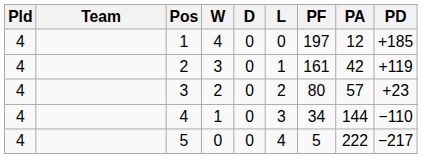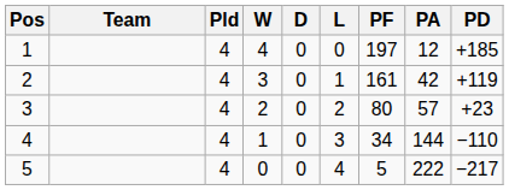 <table class="wikitable" style="text-align:center;">
 <tr>
+<th width=25>Pos</th>
+<th width=125>Team</th>
 <th width=25 abbr="Played">Pld</th>
-<th width=125>Team</th>
-<th width=25>Pos</th>
 <th width=25 abbr="Won">W</th>
 <th width=25 abbr="Drawn">D</th>
 <th width=25 abbr="Lost">L</th>
 <th width=32 abbr="Points for">PF</th>
 <th width=32 abbr="Points against">PA</th>
 <th width=32 abbr="Points difference">PD</th>
 </tr>
 <tr>
+<td>1</td>
+<td align=left></td>
 <td>4</td>
-<td align=left></td>
-<td>1</td>
 <td>4</td>
 <td>0</td>
 <td>0</td>
 <td>197</td>
 <td>12</td>
 <td>+185</td>
 </tr>
 <tr>
+<td>2</td>
+<td align=left></td>
 <td>4</td>
-<td align=left></td>
-<td>2</td>
 <td>3</td>
 <td>0</td>
 <td>1</td>
 <td>161</td>
 <td>42</td>
 <td>+119</td>
 </tr>
 <tr>
+<td>3</td>
+<td align=left></td>
 <td>4</td>
-<td align=left></td>
-<td>3</td>
 <td>2</td>
 <td>0</td>
 <td>2</td>
 <td>80</td>
 <td>57</td>
 <td>+23</td>
 </tr>
 <tr>
 <td>4</td>
 <td align=left></td>
 <td>4</td>
 <td>1</td>
 <td>0</td>
 <td>3</td>
 <td>34</td>
 <td>144</td>
 <td>−110</td>
 </tr>
 <tr>
+<td>5</td>
+<td align=left></td>
 <td>4</td>
-<td align=left></td>
-<td>5</td>
 <td>0</td>
 <td>0</td>
 <td>4</td>
 <td>5</td>
 <td>222</td>
 <td>−217</td>
 </tr>
 </table>
